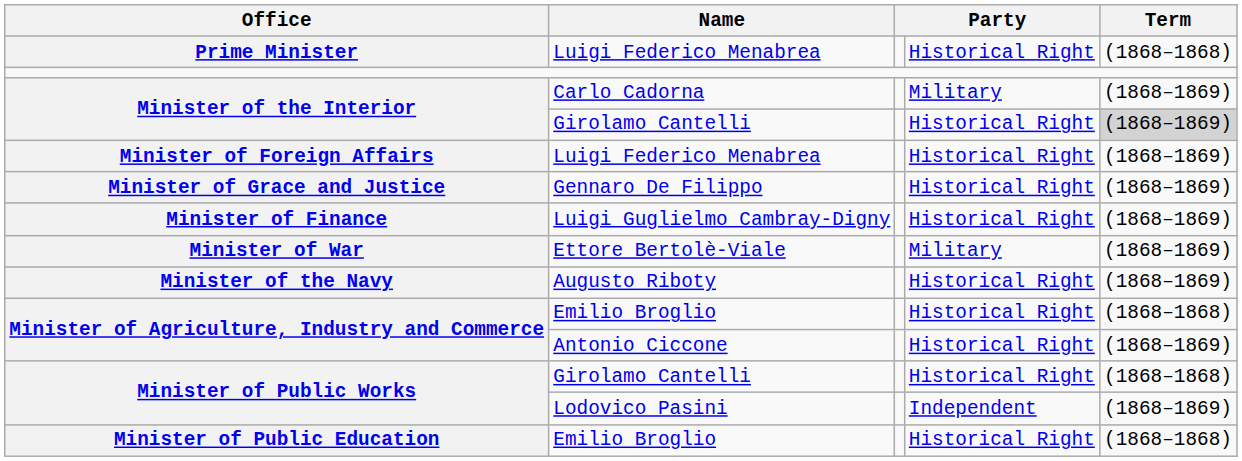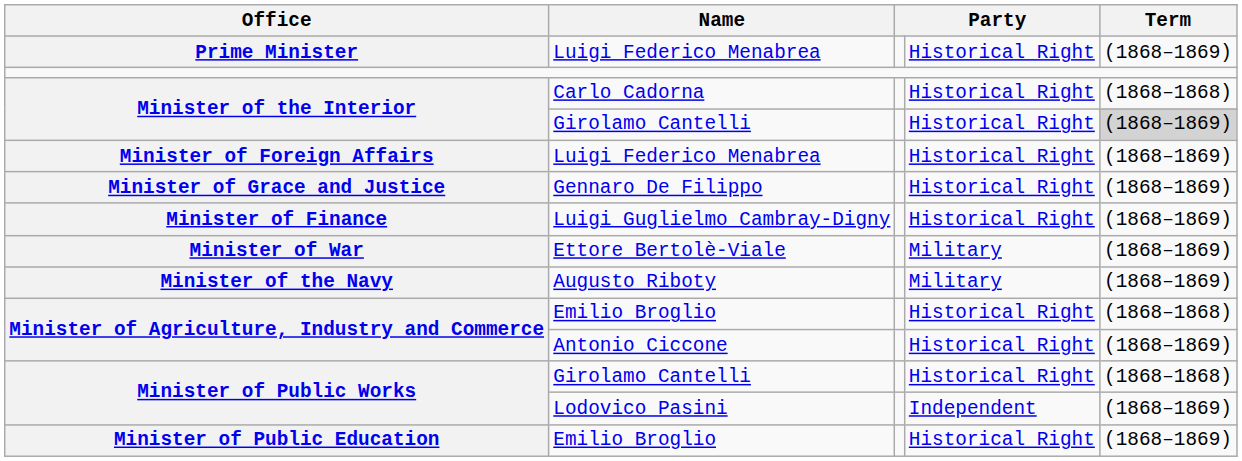 <table class="wikitable" style="font-size: 100%;">
 <tr>
 <th>Office</th>
 <th>Name</th>
 <th colspan=2>Party</th>
 <th>Term</th>
 </tr>
 <tr>
 <th><a href='#'>Prime Minister</a></th>
 <td><a href='#'>Luigi Federico Menabrea</a></td>
 <td style="color:inherit;background:"></td>
 <td><a href='#'>Historical Right</a></td>
-<td>(1868–1868)</td>
+<td>(1868–1869)</td>
 </tr>
 <tr>
 <td colspan=6></td>
 </tr>
 <tr>
 <th rowspan=2><a href='#'>Minister of the Interior</a></th>
 <td><a href='#'>Carlo Cadorna</a></td>
 <td style="color:inherit;background:"></td>
-<td><a href='#'>Military</a></td>
-<td>(1868–1869)</td>
+<td><a href='#'>Historical Right</a></td>
+<td>(1868–1868)</td>
 </tr>
 <tr>
 <td><a href='#'>Girolamo Cantelli</a></td>
 <td style="color:inherit;background:"></td>
 <td><a href='#'>Historical Right</a></td>
 <td style="background: lightgrey;">(1868–1869)</td>
 </tr>
 <tr>
 <th><a href='#'>Minister of Foreign Affairs</a></th>
 <td><a href='#'>Luigi Federico Menabrea</a></td>
 <td style="color:inherit;background:"></td>
 <td><a href='#'>Historical Right</a></td>
 <td>(1868–1869)</td>
 </tr>
 <tr>
 <th><a href='#'>Minister of Grace and Justice</a></th>
 <td><a href='#'>Gennaro De Filippo</a></td>
 <td style="color:inherit;background:"></td>
 <td><a href='#'>Historical Right</a></td>
 <td>(1868–1869)</td>
 </tr>
 <tr>
 <th><a href='#'>Minister of Finance</a></th>
 <td><a href='#'>Luigi Guglielmo Cambray-Digny</a></td>
 <td style="color:inherit;background:"></td>
 <td><a href='#'>Historical Right</a></td>
 <td>(1868–1869)</td>
 </tr>
 <tr>
 <th><a href='#'>Minister of War</a></th>
 <td><a href='#'>Ettore Bertolè-Viale</a></td>
 <td style="color:inherit;background:"></td>
 <td><a href='#'>Military</a></td>
 <td>(1868–1869)</td>
 </tr>
 <tr>
 <th><a href='#'>Minister of the Navy</a></th>
 <td><a href='#'>Augusto Riboty</a></td>
 <td style="color:inherit;background:"></td>
-<td><a href='#'>Historical Right</a></td>
+<td><a href='#'>Military</a></td>
 <td>(1868–1869)</td>
 </tr>
 <tr>
 <th rowspan=2><a href='#'>Minister of Agriculture, Industry and Commerce</a></th>
 <td><a href='#'>Emilio Broglio</a></td>
 <td style="color:inherit;background:"></td>
 <td><a href='#'>Historical Right</a></td>
 <td>(1868–1868)</td>
 </tr>
 <tr>
 <td><a href='#'>Antonio Ciccone</a></td>
 <td style="color:inherit;background:"></td>
 <td><a href='#'>Historical Right</a></td>
 <td>(1868–1869)</td>
 </tr>
 <tr>
 <th rowspan=2><a href='#'>Minister of Public Works</a></th>
 <td><a href='#'>Girolamo Cantelli</a></td>
 <td style="color:inherit;background:"></td>
 <td><a href='#'>Historical Right</a></td>
 <td>(1868–1868)</td>
 </tr>
 <tr>
 <td><a href='#'>Lodovico Pasini</a></td>
 <td style="color:inherit;background:"></td>
 <td><a href='#'>Independent</a></td>
 <td>(1868–1869)</td>
 </tr>
 <tr>
 <th><a href='#'>Minister of Public Education</a></th>
 <td><a href='#'>Emilio Broglio</a></td>
 <td style="color:inherit;background:"></td>
 <td><a href='#'>Historical Right</a></td>
-<td>(1868–1868)</td>
+<td>(1868–1869)</td>
 </tr>
 </table>
